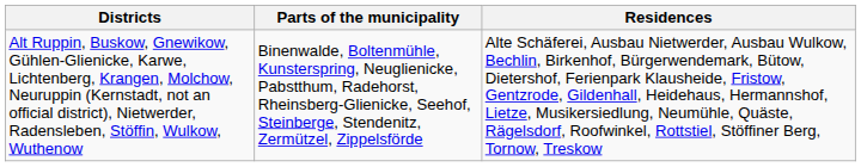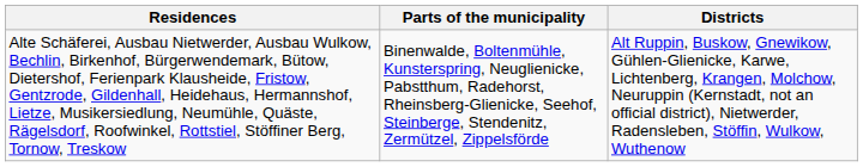 <table class="wikitable toptextcells">
 <tr>
+<th>Residences</th>
+<th>Parts of the municipality</th>
 <th>Districts</th>
-<th>Parts of the municipality</th>
-<th>Residences</th>
 </tr>
 <tr>
+<td>Alte Schäferei, Ausbau Nietwerder, Ausbau Wulkow, <a href='#'>Bechlin</a>, Birkenhof, Bürgerwendemark, Bütow, Dietershof, Ferienpark Klausheide, <a href='#'>Fristow</a>, <a href='#'>Gentzrode</a>, <a href='#'>Gildenhall</a>, Heidehaus, Hermannshof, <a href='#'>Lietze</a>, Musikersiedlung, Neumühle, Quäste, <a href='#'>Rägelsdorf</a>, Roofwinkel, <a href='#'>Rottstiel</a>, Stöffiner Berg, <a href='#'>Tornow</a>, <a href='#'>Treskow</a></td>
+<td>Binenwalde, <a href='#'>Boltenmühle</a>, <a href='#'>Kunsterspring</a>, Neuglienicke, Pabstthum, Radehorst, Rheinsberg-Glienicke, Seehof, <a href='#'>Steinberge</a>, Stendenitz, <a href='#'>Zermützel</a>, <a href='#'>Zippelsförde</a></td>
 <td><a href='#'>Alt Ruppin</a>, <a href='#'>Buskow</a>, <a href='#'>Gnewikow</a>, Gühlen-Glienicke, Karwe, Lichtenberg, <a href='#'>Krangen</a>, <a href='#'>Molchow</a>, Neuruppin (Kernstadt, not an official district), Nietwerder, Radensleben, <a href='#'>Stöffin</a>, <a href='#'>Wulkow</a>, <a href='#'>Wuthenow</a></td>
-<td>Binenwalde, <a href='#'>Boltenmühle</a>, <a href='#'>Kunsterspring</a>, Neuglienicke, Pabstthum, Radehorst, Rheinsberg-Glienicke, Seehof, <a href='#'>Steinberge</a>, Stendenitz, <a href='#'>Zermützel</a>, <a href='#'>Zippelsförde</a></td>
-<td>Alte Schäferei, Ausbau Nietwerder, Ausbau Wulkow, <a href='#'>Bechlin</a>, Birkenhof, Bürgerwendemark, Bütow, Dietershof, Ferienpark Klausheide, <a href='#'>Fristow</a>, <a href='#'>Gentzrode</a>, <a href='#'>Gildenhall</a>, Heidehaus, Hermannshof, <a href='#'>Lietze</a>, Musikersiedlung, Neumühle, Quäste, <a href='#'>Rägelsdorf</a>, Roofwinkel, <a href='#'>Rottstiel</a>, Stöffiner Berg, <a href='#'>Tornow</a>, <a href='#'>Treskow</a></td>
 </tr>
 </table>
